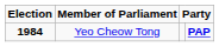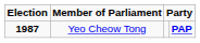 <table class="wikitable" align="center" style="text-align:center">
 <tr>
 <td><strong>Election </strong></td>
 <td><strong>Member of Parliament</strong></td>
 <td colspan="2"><strong>Party</strong></td>
 </tr>
 <tr>
-<td><strong>1984</strong></td>
+<td><strong>1987</strong></td>
 <td><a href='#'>Yeo Cheow Tong</a></td>
 <td></td>
 <td><strong><a href='#'>PAP</a></strong></td>
 </tr>
 </table>
